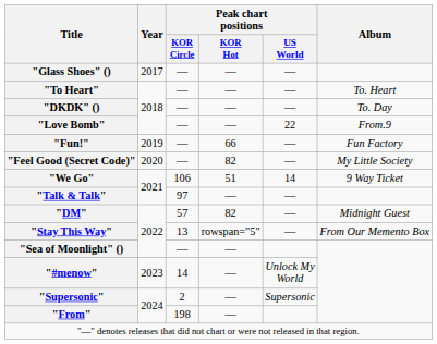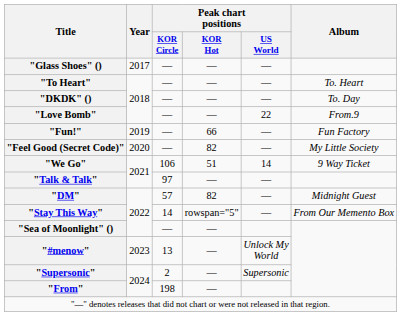 <table class="wikitable plainrowheaders" style="text-align:center">
 <tr>
 <th scope="col" rowspan="2">Title</th>
 <th scope="col" rowspan="2">Year</th>
 <th scope="col" colspan="3">Peak chart <br>positions</th>
 <th scope="col" rowspan="2">Album</th>
 </tr>
 <tr>
 <th scope="col" style="width:3em;font-size:85%"><a href='#'>KOR<br>Circle</a><br></th>
 <th scope="col" style="width:3em;font-size:85%"><a href='#'>KOR<br>Hot</a><br></th>
 <th scope="col" style="width:3em;font-size:90%"><a href='#'>US<br>World</a><br></th>
 </tr>
 <tr>
 <th scope="row">"Glass Shoes" ()</th>
 <td>2017</td>
 <td>—</td>
 <td>—</td>
 <td>—</td>
 <td></td>
 </tr>
 <tr>
 <th scope="row">"To Heart"</th>
 <td rowspan="3">2018</td>
 <td>—</td>
 <td>—</td>
 <td>—</td>
 <td><em>To. Heart</em></td>
 </tr>
 <tr>
 <th scope="row">"DKDK" ()</th>
 <td>—</td>
 <td>—</td>
 <td>—</td>
 <td><em>To. Day</em></td>
 </tr>
 <tr>
 <th scope="row">"Love Bomb"</th>
 <td>—</td>
 <td>—</td>
 <td>22</td>
 <td><em>From.9</em></td>
 </tr>
 <tr>
 <th scope="row">"Fun!"</th>
 <td>2019</td>
 <td>—</td>
 <td>66</td>
 <td>—</td>
 <td><em>Fun Factory</em></td>
 </tr>
 <tr>
 <th scope="row">"Feel Good (Secret Code)"</th>
 <td>2020</td>
 <td>—</td>
 <td>82</td>
 <td>—</td>
 <td><em>My Little Society</em></td>
 </tr>
 <tr>
 <th scope="row">"We Go"</th>
 <td rowspan="2">2021</td>
 <td>106</td>
 <td>51</td>
 <td>14</td>
 <td><em>9 Way Ticket</em></td>
 </tr>
 <tr>
 <th scope="row">"<a href='#'>Talk & Talk</a>"</th>
 <td>97</td>
 <td>—</td>
 <td>—</td>
 <td></td>
 </tr>
 <tr>
 <th scope="row">"<a href='#'>DM</a>"</th>
 <td rowspan="3">2022</td>
 <td>57</td>
 <td>82</td>
 <td>—</td>
 <td><em>Midnight Guest</em></td>
 </tr>
 <tr>
 <th scope="row">"<a href='#'>Stay This Way</a>"</th>
-<td>13</td>
+<td>14</td>
 <td>rowspan="5" </td>
 <td>—</td>
 <td><em>From Our Memento Box</em></td>
 </tr>
 <tr>
 <th scope="row">"Sea of Moonlight" ()</th>
 <td>—</td>
 <td>—</td>
 <td></td>
 </tr>
 <tr>
 <th scope="row">"<a href='#'>#menow</a>"</th>
 <td>2023</td>
-<td>14</td>
+<td>13</td>
 <td>—</td>
 <td><em>Unlock My World</em></td>
 </tr>
 <tr>
 <th scope="row">"<a href='#'>Supersonic</a>"</th>
 <td rowspan="2">2024</td>
 <td>2</td>
 <td>—</td>
 <td><em>Supersonic</em></td>
 </tr>
 <tr>
 <th scope="row">"<a href='#'>From</a>"</th>
 <td>198</td>
 <td>—</td>
 <td></td>
 </tr>
 <tr>
 <td colspan="6" style="font-size:85%">"—" denotes releases that did not chart or were not released in that region.</td>
 </tr>
 </table>
